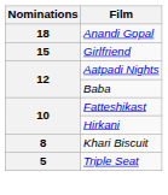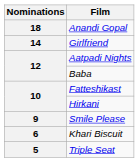 <table class="wikitable" style="display:inline-table;">
 <tr>
 <th>Nominations</th>
 <th>Film</th>
 </tr>
 <tr>
 <th>18</th>
 <td><em><a href='#'>Anandi Gopal</a></em></td>
 </tr>
 <tr>
-<th>15</th>
+<th>14</th>
 <td><em><a href='#'>Girlfriend</a></em></td>
 </tr>
 <tr>
 <th rowspan="2">12</th>
 <td><em><a href='#'>Aatpadi Nights</a></em></td>
 </tr>
 <tr>
 <td><em>Baba</em></td>
 </tr>
 <tr>
 <th rowspan="2">10</th>
 <td><em><a href='#'>Fatteshikast</a></em></td>
 </tr>
 <tr>
 <td><em><a href='#'>Hirkani</a></em></td>
 </tr>
 <tr>
-<th>8</th>
+<th>9</th>
+<td><em><a href='#'>Smile Please</a></em></td>
+</tr>
+<tr>
+<th>6</th>
 <td><em>Khari Biscuit</em></td>
 </tr>
 <tr>
 <th>5</th>
 <td><em><a href='#'>Triple Seat</a></em></td>
 </tr>
 </table>
